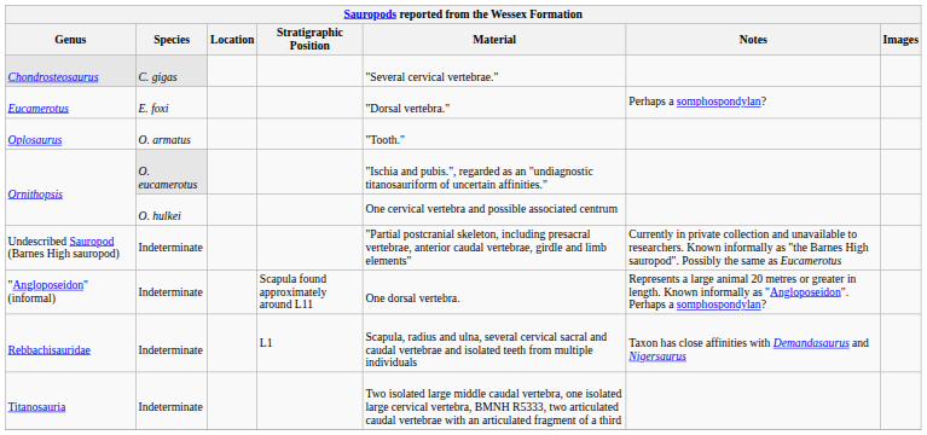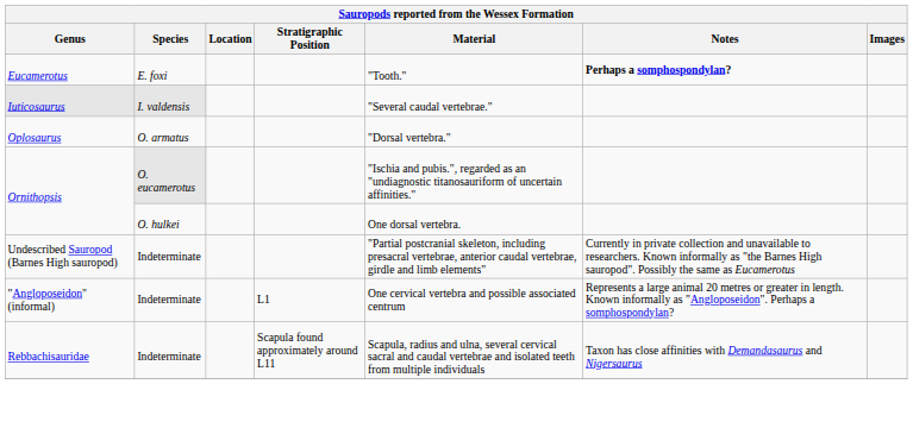 <table class="wikitable"  style="margin:auto; width:100%;">
 <tr>
 <th colspan="7" style="text-align:center;"><strong><a href='#'>Sauropods</a> reported from the Wessex Formation</strong></th>
 </tr>
 <tr>
 <th>Genus</th>
 <th>Species</th>
 <th>Location</th>
 <th>Stratigraphic Position</th>
 <th>Material</th>
 <th>Notes</th>
 <th>Images</th>
 </tr>
 <tr>
-<td style="background:#E6E6E6;"><br><em><a href='#'>Chondrosteosaurus</a></em></td>
-<td style="background:#E6E6E6;"><br><em>C. gigas</em></td>
-<td></td>
-<td></td>
-<td><br>"Several cervical vertebrae."</td>
-<td></td>
-<td></td>
-</tr>
-<tr>
 <td><br><em><a href='#'>Eucamerotus</a></em></td>
 <td><br><em>E. foxi</em></td>
 <td></td>
 <td></td>
-<td><br>"Dorsal vertebra."</td>
-<td>Perhaps a <a href='#'>somphospondylan</a>?</td>
+<td><br>"Tooth."</td>
+<td><strong>Perhaps a <a href='#'>somphospondylan</a>?</strong></td>
+<td></td>
+</tr>
+<tr>
+<td style="background:#E6E6E6;"><br><em><a href='#'>Iuticosaurus</a></em></td>
+<td style="background:#E6E6E6;"><br><em>I. valdensis</em></td>
+<td></td>
+<td></td>
+<td><br>"Several caudal vertebrae."</td>
+<td></td>
 <td></td>
 </tr>
 <tr>
 <td><br><em><a href='#'>Oplosaurus</a></em></td>
 <td><br><em>O. armatus</em></td>
 <td></td>
 <td></td>
-<td><br>"Tooth."</td>
+<td><br>"Dorsal vertebra."</td>
 <td></td>
 <td></td>
 </tr>
 <tr>
 <td rowspan="2"><br><em><a href='#'>Ornithopsis</a></em></td>
 <td style="background:#E6E6E6;"><br><em>O. eucamerotus</em></td>
 <td></td>
 <td></td>
 <td><br>"Ischia and pubis.", regarded as an "undiagnostic titanosauriform of uncertain affinities."</td>
 <td></td>
 <td></td>
 </tr>
 <tr>
 <td><br><em>O. hulkei</em></td>
 <td></td>
 <td></td>
-<td>One cervical vertebra and possible associated centrum</td>
+<td><br>One dorsal vertebra.</td>
 <td></td>
 <td><br></td>
 </tr>
 <tr>
 <td>Undescribed <a href='#'>Sauropod</a> (Barnes High sauropod)</td>
 <td>Indeterminate</td>
 <td></td>
 <td></td>
 <td>"Partial postcranial skeleton, including presacral vertebrae, anterior caudal vertebrae, girdle and limb elements"</td>
 <td>Currently in private collection and unavailable to researchers. Known informally as "the Barnes High sauropod". Possibly the same as <em>Eucamerotus</em></td>
 <td></td>
 </tr>
 <tr>
 <td>"<a href='#'>Angloposeidon</a>" (informal)</td>
 <td>Indeterminate</td>
 <td></td>
-<td>Scapula found approximately around L11</td>
-<td><br>One dorsal vertebra.</td>
+<td>L1</td>
+<td>One cervical vertebra and possible associated centrum</td>
 <td>Represents a large animal 20 metres or greater in length. Known informally as "<a href='#'>Angloposeidon</a>". Perhaps a <a href='#'>somphospondylan</a>?</td>
 <td></td>
 </tr>
 <tr>
 <td><br><a href='#'>Rebbachisauridae</a></td>
 <td><br>Indeterminate</td>
 <td></td>
-<td>L1</td>
+<td>Scapula found approximately around L11</td>
 <td><br>Scapula, radius and ulna, several cervical sacral and caudal vertebrae and isolated teeth from multiple individuals</td>
 <td><br>Taxon has close affinities with <em><a href='#'>Demandasaurus</a></em> and <em><a href='#'>Nigersaurus</a></em></td>
 <td></td>
 </tr>
 <tr>
-<td><br><a href='#'>Titanosauria</a></td>
-<td><br>Indeterminate</td>
-<td></td>
-<td></td>
-<td><br>Two isolated large middle caudal vertebra, one isolated large cervical vertebra,  BMNH R5333, two articulated caudal vertebrae with an articulated fragment of a third</td>
-<td></td>
-<td></td>
-</tr>
-<tr>
 </tr>
 </table>
